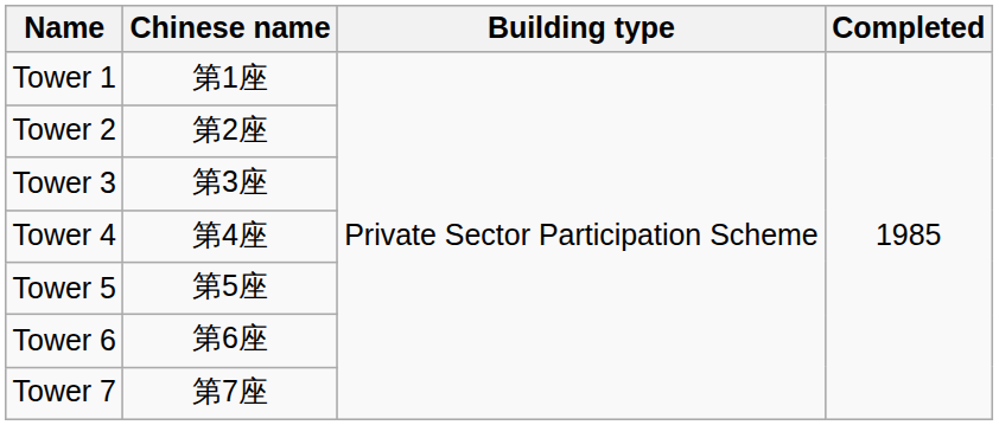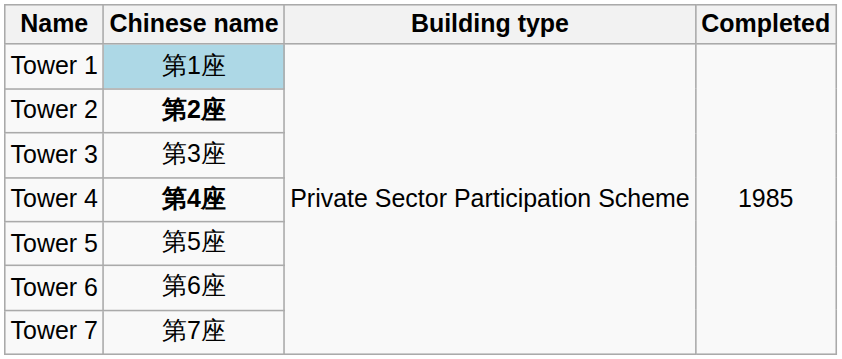 <table class="wikitable" style="text-align: center">
 <tr>
 <th>Name</th>
 <th>Chinese name</th>
 <th>Building type</th>
 <th>Completed</th>
 </tr>
 <tr>
 <td>Tower 1</td>
-<td>第1座</td>
+<td style="background: lightblue;">第1座</td>
 <td rowspan="7">Private Sector Participation Scheme</td>
 <td rowspan="7">1985</td>
 </tr>
 <tr>
 <td>Tower 2</td>
-<td>第2座</td>
+<td><strong>第2座</strong></td>
 </tr>
 <tr>
 <td>Tower 3</td>
 <td>第3座</td>
 </tr>
 <tr>
 <td>Tower 4</td>
-<td>第4座</td>
+<td><strong>第4座</strong></td>
 </tr>
 <tr>
 <td>Tower 5</td>
 <td>第5座</td>
 </tr>
 <tr>
 <td>Tower 6</td>
 <td>第6座</td>
 </tr>
 <tr>
 <td>Tower 7</td>
 <td>第7座</td>
 </tr>
 </table>
